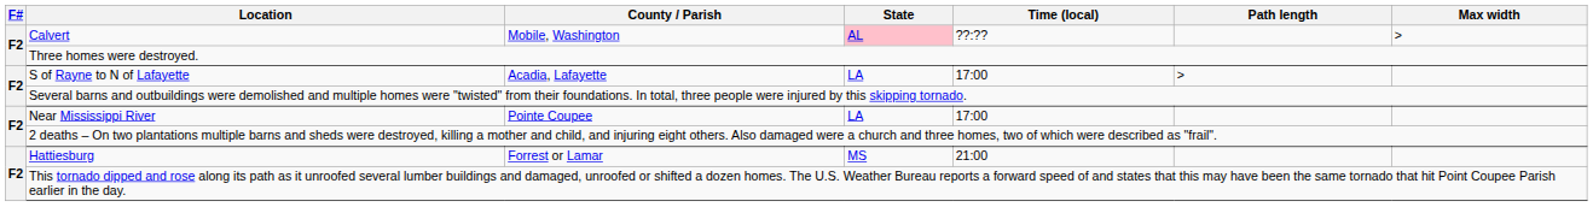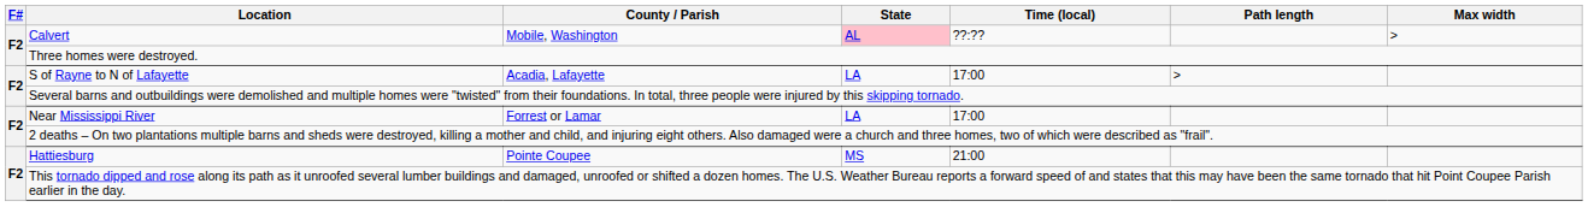 <table class="wikitable sortable" style="width:100%;">
 <tr>
 <th scope="col" align="center"><a href='#'>F#</a><br></th>
 <th scope="col" align="center" class="unsortable">Location</th>
 <th scope="col" align="center" class="unsortable">County / Parish</th>
 <th scope="col" align="center">State</th>
 <th scope="col" align="center">Time (local)</th>
 <th scope="col" align="center">Path length</th>
 <th scope="col" align="center">Max width</th>
 </tr>
 <tr>
 <th scope="row" rowspan="2" style="background-color:#">F2</th>
 <td><a href='#'>Calvert</a></td>
 <td><a href='#'>Mobile</a>, <a href='#'>Washington</a></td>
 <td style="background: pink;"><a href='#'>AL</a></td>
 <td>??:??</td>
 <td></td>
 <td>></td>
 </tr>
 <tr class="expand-child">
 <td colspan="6" style="border-bottom: 1px solid black;">Three homes were destroyed.</td>
 </tr>
 <tr>
 <th scope="row" rowspan="2" style="background-color:#">F2</th>
 <td>S of <a href='#'>Rayne</a> to N of <a href='#'>Lafayette</a></td>
 <td><a href='#'>Acadia</a>, <a href='#'>Lafayette</a></td>
 <td><a href='#'>LA</a></td>
 <td>17:00</td>
 <td>></td>
 <td></td>
 </tr>
 <tr class="expand-child">
 <td colspan="6" style="border-bottom: 1px solid black;">Several barns and outbuildings were demolished and multiple homes were "twisted" from their foundations. In total, three people were injured by this <a href='#'>skipping tornado</a>.</td>
 </tr>
 <tr>
 <th scope="row" rowspan="2" style="background-color:#">F2</th>
 <td>Near <a href='#'>Mississippi River</a></td>
-<td><a href='#'>Pointe Coupee</a></td>
+<td><a href='#'>Forrest</a> or <a href='#'>Lamar</a></td>
 <td><a href='#'>LA</a></td>
 <td>17:00</td>
 <td></td>
 <td></td>
 </tr>
 <tr class="expand-child">
 <td colspan="6" style="border-bottom: 1px solid black;">2 deaths – On two plantations multiple barns and sheds were destroyed, killing a mother and child, and injuring eight others. Also damaged were a church and three homes, two of which were described as "frail".</td>
 </tr>
 <tr>
 <th scope="row" rowspan="2" style="background-color:#">F2</th>
 <td><a href='#'>Hattiesburg</a></td>
-<td><a href='#'>Forrest</a> or <a href='#'>Lamar</a></td>
+<td><a href='#'>Pointe Coupee</a></td>
 <td><a href='#'>MS</a></td>
 <td>21:00</td>
 <td></td>
 <td></td>
 </tr>
 <tr class="expand-child">
 <td colspan="6" style="border-bottom: 1px solid black;">This <a href='#'>tornado dipped and rose</a> along its path as it unroofed several lumber buildings and damaged, unroofed or shifted a dozen homes. The U.S. Weather Bureau reports a forward speed of  and states that this may have been the same tornado that hit Point Coupee Parish earlier in the day.</td>
 </tr>
 </table>
